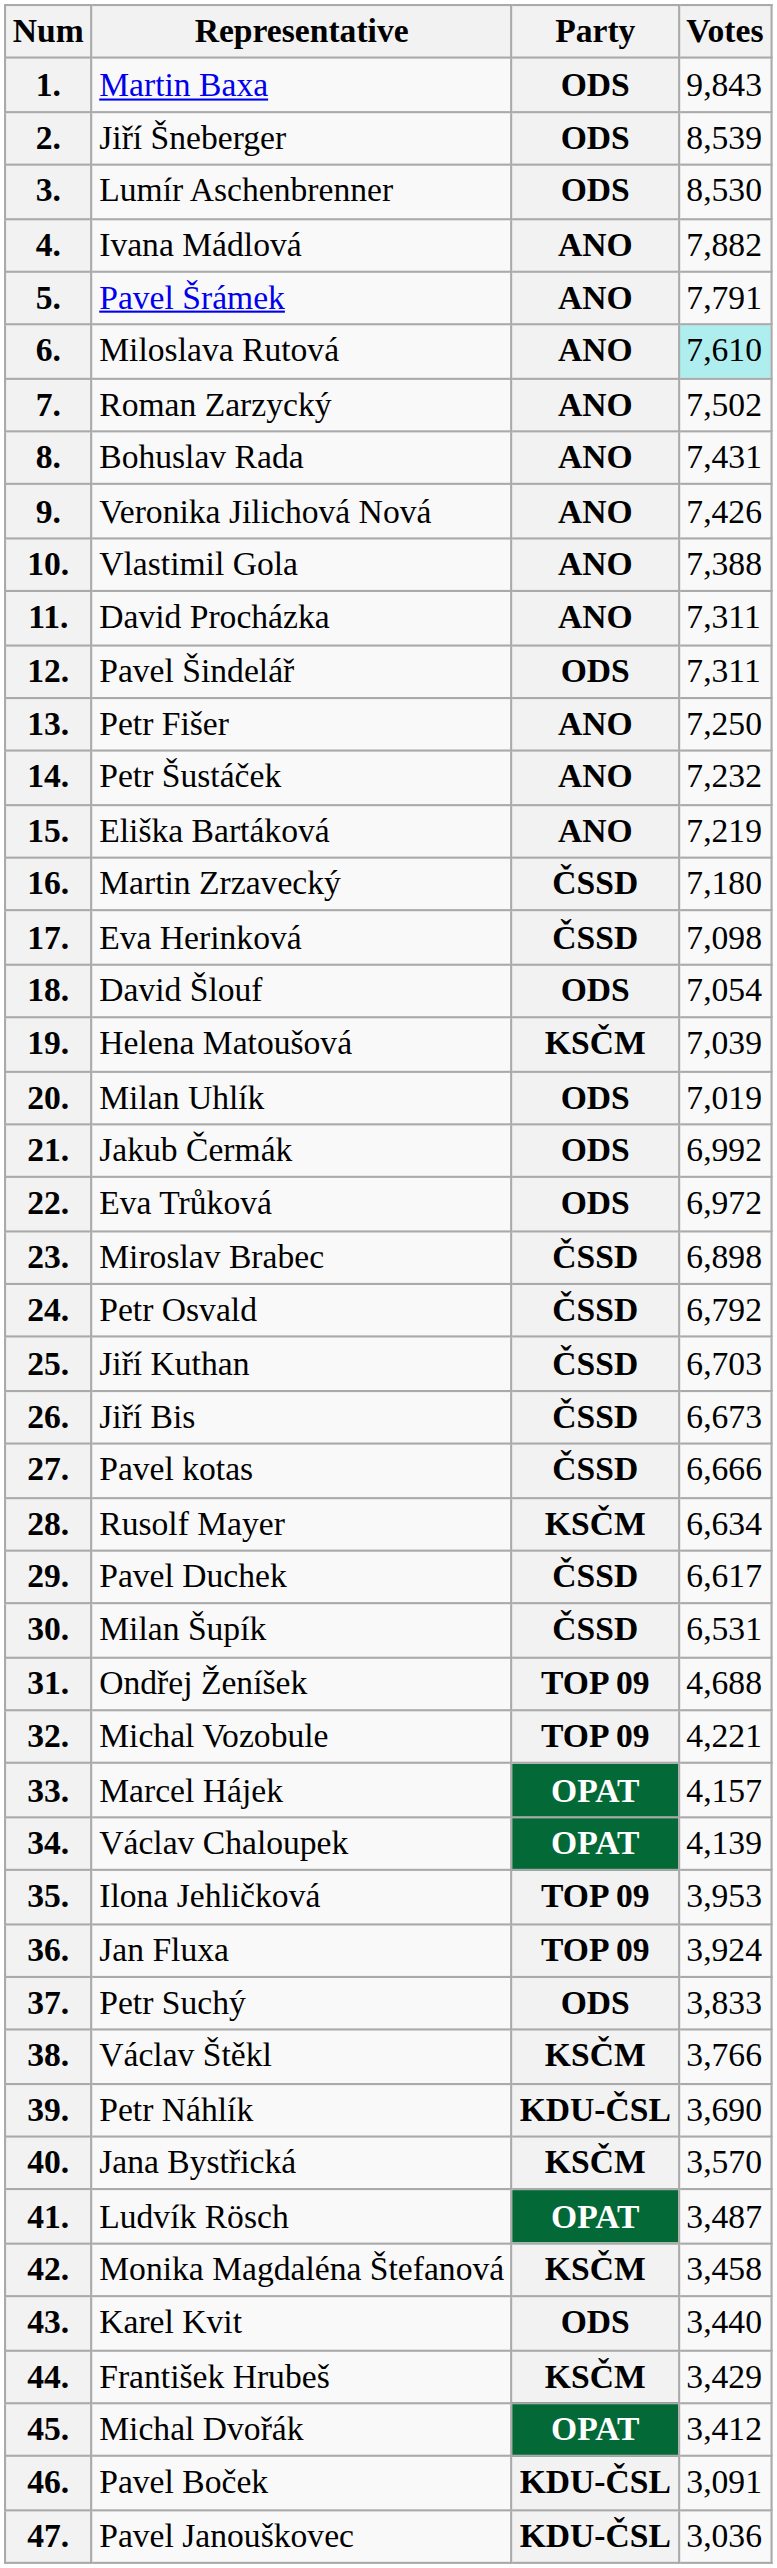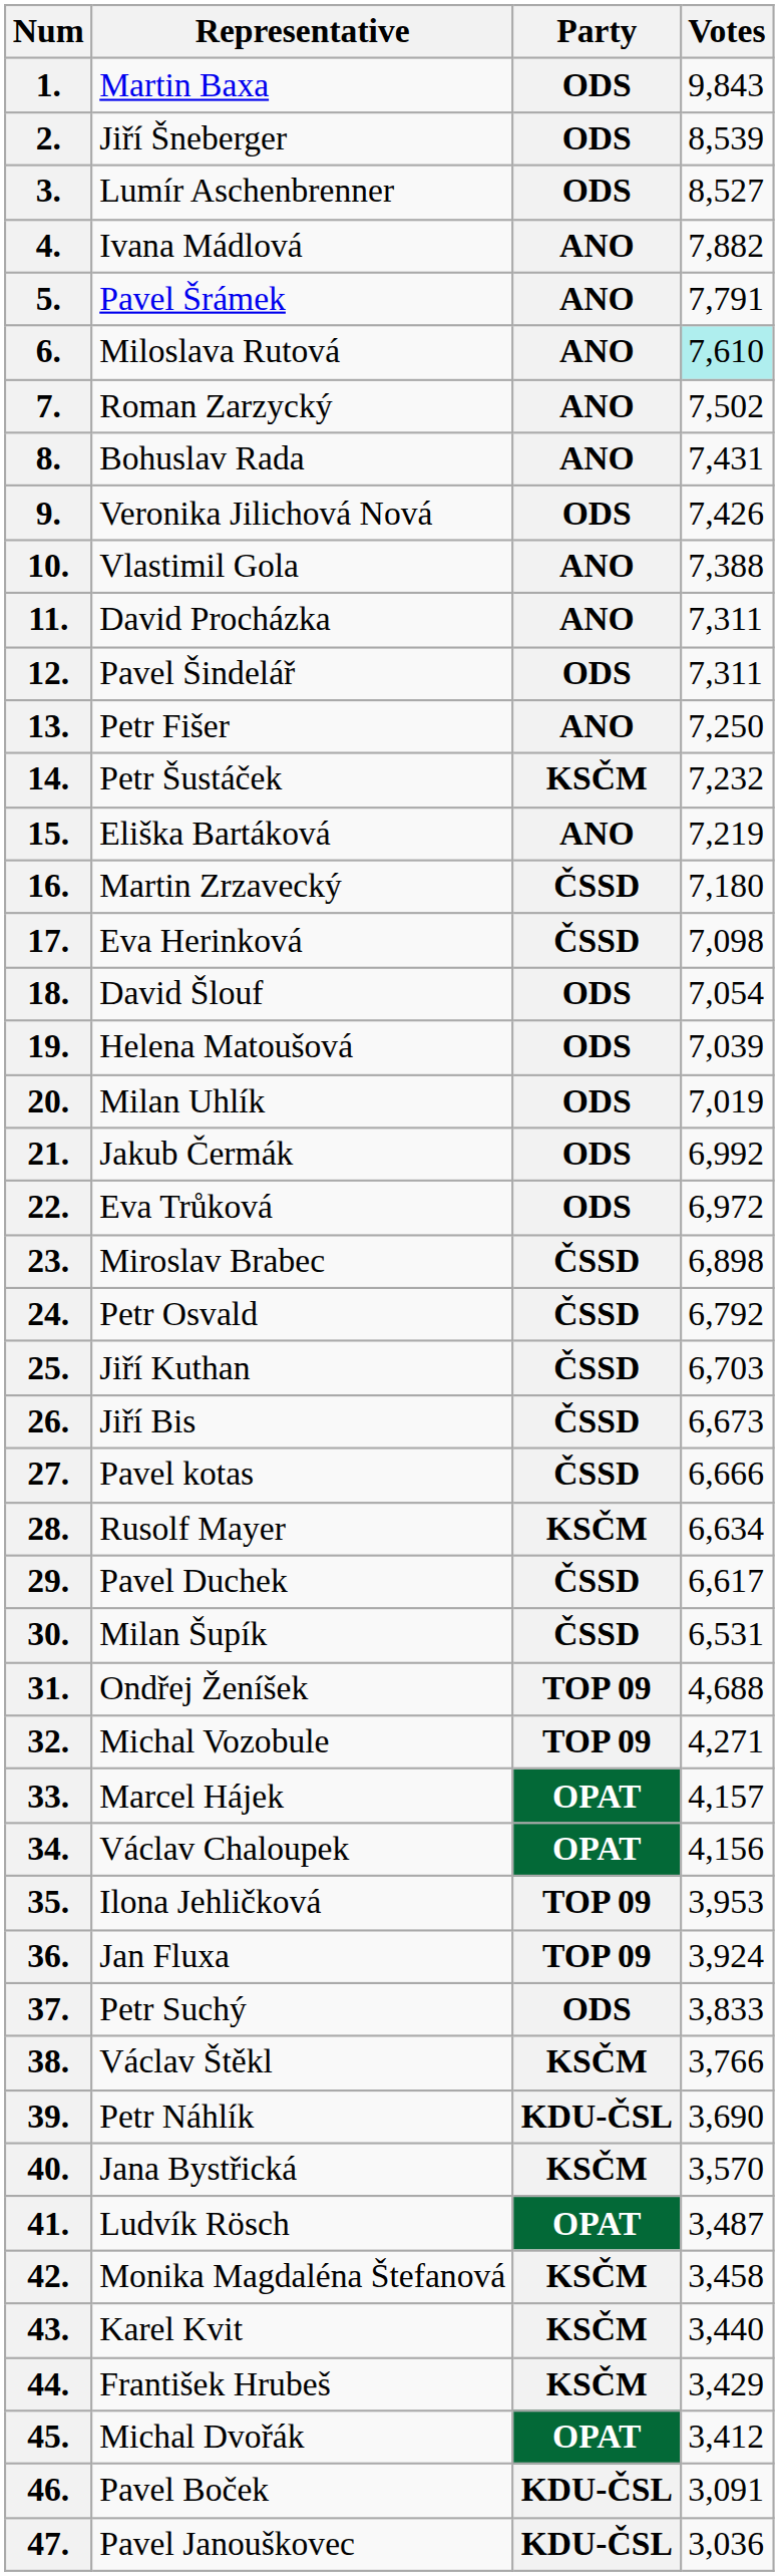 <table class="wikitable mw-collapsible mw-collapsed">
 <tr>
 <th>Num</th>
 <th>Representative</th>
 <th>Party</th>
 <th>Votes</th>
 </tr>
 <tr>
 <th>1.</th>
 <td><a href='#'>Martin Baxa</a></td>
 <th style="background-color:">ODS</th>
 <td>9,843</td>
 </tr>
 <tr>
 <th>2.</th>
 <td>Jiří Šneberger</td>
 <th style="background-color:">ODS</th>
 <td>8,539</td>
 </tr>
 <tr>
 <th>3.</th>
 <td>Lumír Aschenbrenner</td>
 <th style="background-color:">ODS</th>
-<td>8,530</td>
+<td>8,527</td>
 </tr>
 <tr>
 <th>4.</th>
 <td>Ivana Mádlová</td>
 <th style="background-color:">ANO</th>
 <td>7,882</td>
 </tr>
 <tr>
 <th>5.</th>
 <td><a href='#'>Pavel Šrámek</a></td>
 <th style="background-color:">ANO</th>
 <td>7,791</td>
 </tr>
 <tr>
 <th>6.</th>
 <td>Miloslava Rutová</td>
 <th style="background-color:">ANO</th>
 <td style="background: paleturquoise;">7,610</td>
 </tr>
 <tr>
 <th>7.</th>
 <td>Roman Zarzycký</td>
 <th style="background-color:">ANO</th>
 <td>7,502</td>
 </tr>
 <tr>
 <th>8.</th>
 <td>Bohuslav Rada</td>
 <th style="background-color:">ANO</th>
 <td>7,431</td>
 </tr>
 <tr>
 <th>9.</th>
 <td>Veronika Jilichová Nová</td>
-<th style="background-color:">ANO</th>
+<th style="background-color:">ODS</th>
 <td>7,426</td>
 </tr>
 <tr>
 <th>10.</th>
 <td>Vlastimil Gola</td>
 <th style="background-color:">ANO</th>
 <td>7,388</td>
 </tr>
 <tr>
 <th>11.</th>
 <td>David Procházka</td>
 <th style="background-color:">ANO</th>
 <td>7,311</td>
 </tr>
 <tr>
 <th>12.</th>
 <td>Pavel Šindelář</td>
 <th style="background-color:">ODS</th>
 <td>7,311</td>
 </tr>
 <tr>
 <th>13.</th>
 <td>Petr Fišer</td>
 <th style="background-color:">ANO</th>
 <td>7,250</td>
 </tr>
 <tr>
 <th>14.</th>
 <td>Petr Šustáček</td>
-<th style="background-color:">ANO</th>
+<th style="background-color:">KSČM</th>
 <td>7,232</td>
 </tr>
 <tr>
 <th>15.</th>
 <td>Eliška Bartáková</td>
 <th style="background-color:">ANO</th>
 <td>7,219</td>
 </tr>
 <tr>
 <th>16.</th>
 <td>Martin Zrzavecký</td>
 <th style="background-color:">ČSSD</th>
 <td>7,180</td>
 </tr>
 <tr>
 <th>17.</th>
 <td>Eva Herinková</td>
 <th style="background-color:">ČSSD</th>
 <td>7,098</td>
 </tr>
 <tr>
 <th>18.</th>
 <td>David Šlouf</td>
 <th style="background-color:">ODS</th>
 <td>7,054</td>
 </tr>
 <tr>
 <th>19.</th>
 <td>Helena Matoušová</td>
-<th style="background-color:">KSČM</th>
+<th style="background-color:">ODS</th>
 <td>7,039</td>
 </tr>
 <tr>
 <th>20.</th>
 <td>Milan Uhlík</td>
 <th style="background-color:">ODS</th>
 <td>7,019</td>
 </tr>
 <tr>
 <th>21.</th>
 <td>Jakub Čermák</td>
 <th style="background-color:">ODS</th>
 <td>6,992</td>
 </tr>
 <tr>
 <th>22.</th>
 <td>Eva Trůková</td>
 <th style="background-color:">ODS</th>
 <td>6,972</td>
 </tr>
 <tr>
 <th>23.</th>
 <td>Miroslav Brabec</td>
 <th style="background-color:">ČSSD</th>
 <td>6,898</td>
 </tr>
 <tr>
 <th>24.</th>
 <td>Petr Osvald</td>
 <th style="background-color:">ČSSD</th>
 <td>6,792</td>
 </tr>
 <tr>
 <th>25.</th>
 <td>Jiří Kuthan</td>
 <th style="background-color:">ČSSD</th>
 <td>6,703</td>
 </tr>
 <tr>
 <th>26.</th>
 <td>Jiří Bis</td>
 <th style="background-color:">ČSSD</th>
 <td>6,673</td>
 </tr>
 <tr>
 <th>27.</th>
 <td>Pavel kotas</td>
 <th style="background-color:">ČSSD</th>
 <td>6,666</td>
 </tr>
 <tr>
 <th>28.</th>
 <td>Rusolf Mayer</td>
 <th style="background-color:">KSČM</th>
 <td>6,634</td>
 </tr>
 <tr>
 <th>29.</th>
 <td>Pavel Duchek</td>
 <th style="background-color:">ČSSD</th>
 <td>6,617</td>
 </tr>
 <tr>
 <th>30.</th>
 <td>Milan Šupík</td>
 <th style="background-color:">ČSSD</th>
 <td>6,531</td>
 </tr>
 <tr>
 <th>31.</th>
 <td>Ondřej Ženíšek</td>
 <th style="background-color:">TOP 09</th>
 <td>4,688</td>
 </tr>
 <tr>
 <th>32.</th>
 <td>Michal Vozobule</td>
 <th style="background-color:">TOP 09</th>
-<td>4,221</td>
+<td>4,271</td>
 </tr>
 <tr>
 <th>33.</th>
 <td>Marcel Hájek</td>
 <th style="background-color:#036937; color:white">OPAT</th>
 <td>4,157</td>
 </tr>
 <tr>
 <th>34.</th>
 <td>Václav Chaloupek</td>
 <th style="background-color:#036937; color:white">OPAT</th>
-<td>4,139</td>
+<td>4,156</td>
 </tr>
 <tr>
 <th>35.</th>
 <td>Ilona Jehličková</td>
 <th style="background-color:">TOP 09</th>
 <td>3,953</td>
 </tr>
 <tr>
 <th>36.</th>
 <td>Jan Fluxa</td>
 <th style="background-color:">TOP 09</th>
 <td>3,924</td>
 </tr>
 <tr>
 <th>37.</th>
 <td>Petr Suchý</td>
 <th style="background-color:">ODS</th>
 <td>3,833</td>
 </tr>
 <tr>
 <th>38.</th>
 <td>Václav Štěkl</td>
 <th style="background-color:">KSČM</th>
 <td>3,766</td>
 </tr>
 <tr>
 <th>39.</th>
 <td>Petr Náhlík</td>
 <th style="background-color:">KDU-ČSL</th>
 <td>3,690</td>
 </tr>
 <tr>
 <th>40.</th>
 <td>Jana Bystřická</td>
 <th style="background-color:">KSČM</th>
 <td>3,570</td>
 </tr>
 <tr>
 <th>41.</th>
 <td>Ludvík Rösch</td>
 <th style="background-color:#036937; color:white">OPAT</th>
 <td>3,487</td>
 </tr>
 <tr>
 <th>42.</th>
 <td>Monika Magdaléna Štefanová</td>
 <th style="background-color:">KSČM</th>
 <td>3,458</td>
 </tr>
 <tr>
 <th>43.</th>
 <td>Karel Kvit</td>
-<th style="background-color:">ODS</th>
+<th style="background-color:">KSČM</th>
 <td>3,440</td>
 </tr>
 <tr>
 <th>44.</th>
 <td>František Hrubeš</td>
 <th style="background-color:">KSČM</th>
 <td>3,429</td>
 </tr>
 <tr>
 <th>45.</th>
 <td>Michal Dvořák</td>
 <th style="background-color:#036937; color:white">OPAT</th>
 <td>3,412</td>
 </tr>
 <tr>
 <th>46.</th>
 <td>Pavel Boček</td>
 <th style="background-color:">KDU-ČSL</th>
 <td>3,091</td>
 </tr>
 <tr>
 <th>47.</th>
 <td>Pavel Janouškovec</td>
 <th style="background-color:">KDU-ČSL</th>
 <td>3,036</td>
 </tr>
 </table>
